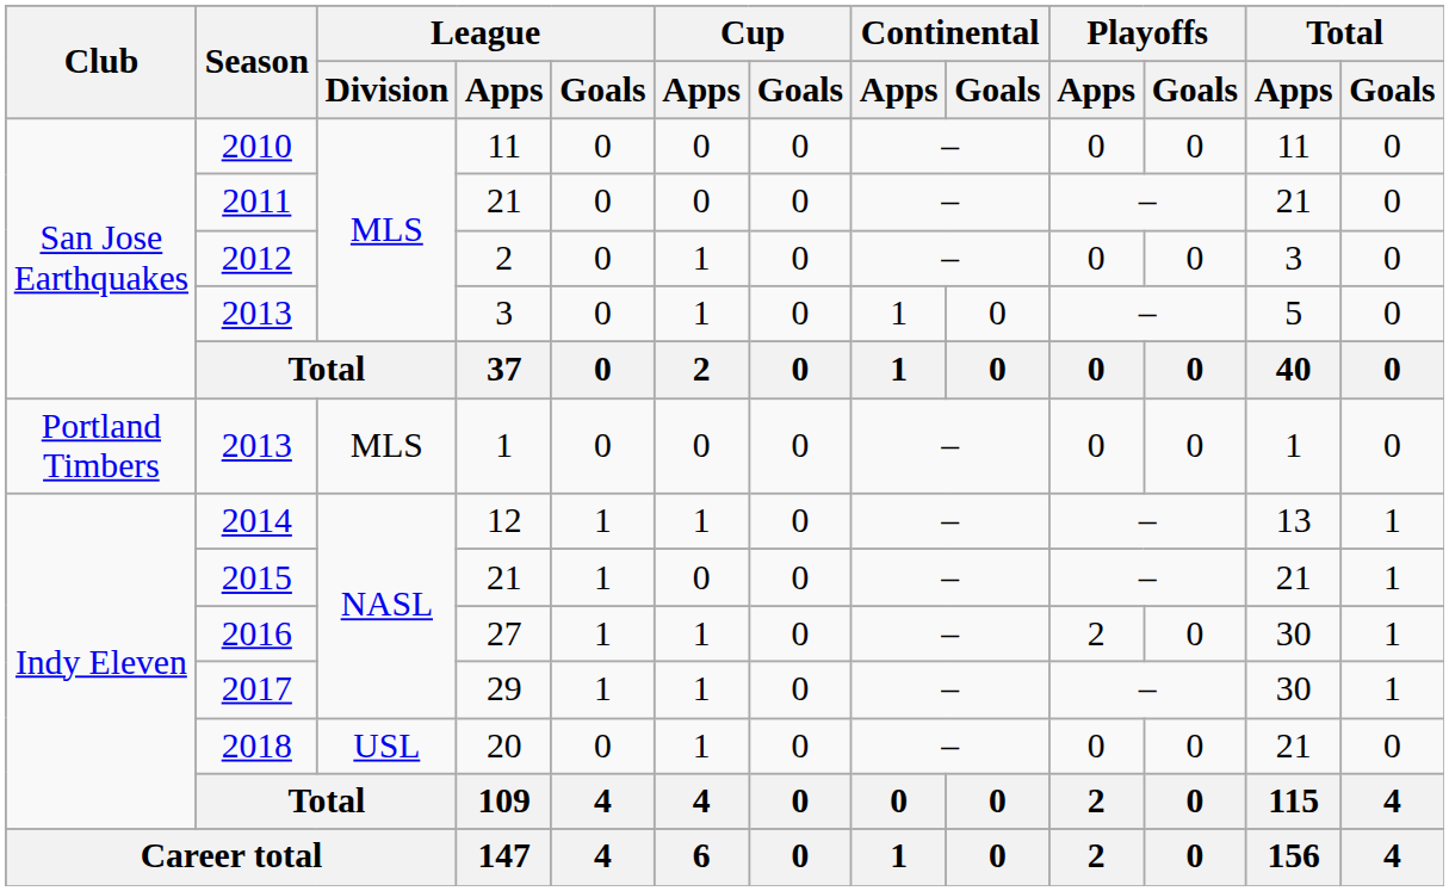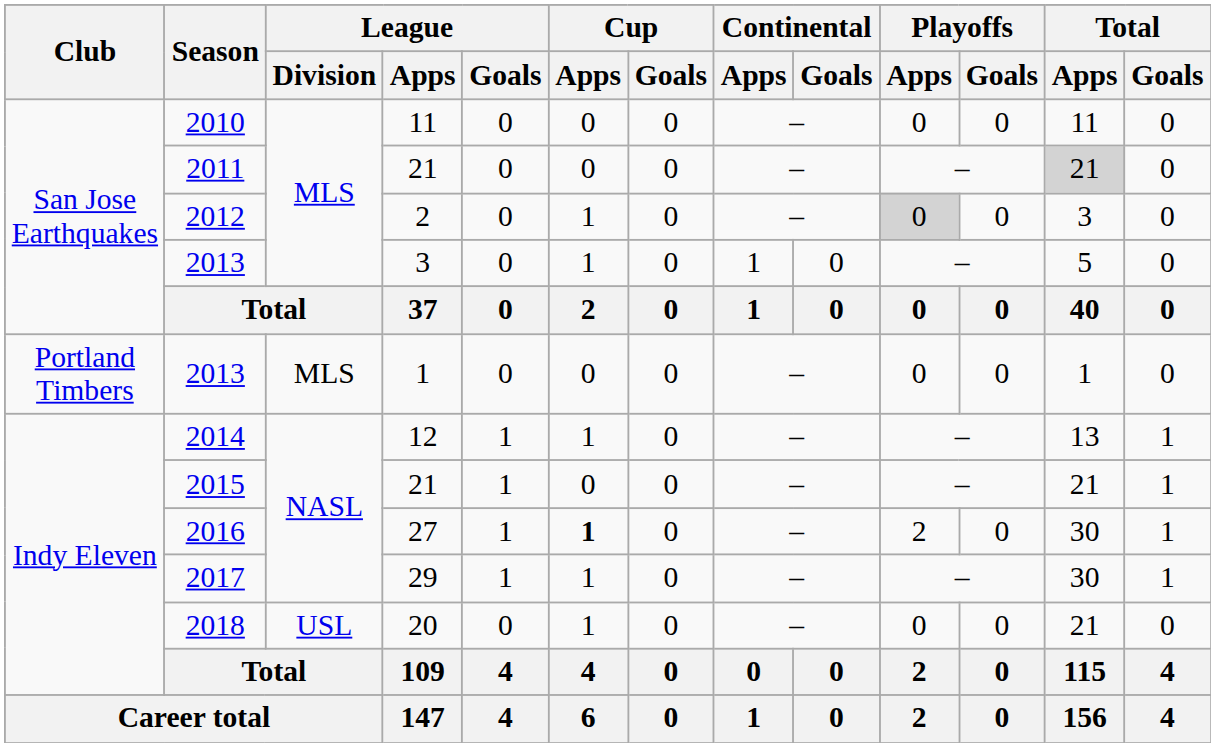 <table class="wikitable" style="text-align: center;">
 <tr>
 <th rowspan="2">Club</th>
 <th rowspan="2">Season</th>
 <th colspan="3">League</th>
 <th colspan="2">Cup</th>
 <th colspan="2">Continental</th>
 <th colspan="2">Playoffs</th>
 <th colspan="2">Total</th>
 </tr>
 <tr>
 <th>Division</th>
 <th>Apps</th>
 <th>Goals</th>
 <th>Apps</th>
 <th>Goals</th>
 <th>Apps</th>
 <th>Goals</th>
 <th>Apps</th>
 <th>Goals</th>
 <th>Apps</th>
 <th>Goals</th>
 </tr>
 <tr>
 <td rowspan="5"><a href='#'>San Jose Earthquakes</a></td>
 <td><a href='#'>2010</a></td>
 <td rowspan="4"><a href='#'>MLS</a></td>
 <td>11</td>
 <td>0</td>
 <td>0</td>
 <td>0</td>
 <td colspan="2">–</td>
 <td>0</td>
 <td>0</td>
 <td>11</td>
 <td>0</td>
 </tr>
 <tr>
 <td><a href='#'>2011</a></td>
 <td>21</td>
 <td>0</td>
 <td>0</td>
 <td>0</td>
 <td colspan="2">–</td>
 <td colspan="2">–</td>
-<td>21</td>
+<td style="background: lightgrey;">21</td>
 <td>0</td>
 </tr>
 <tr>
 <td><a href='#'>2012</a></td>
 <td>2</td>
 <td>0</td>
 <td>1</td>
 <td>0</td>
 <td colspan="2">–</td>
-<td>0</td>
+<td style="background: lightgrey;">0</td>
 <td>0</td>
 <td>3</td>
 <td>0</td>
 </tr>
 <tr>
 <td><a href='#'>2013</a></td>
 <td>3</td>
 <td>0</td>
 <td>1</td>
 <td>0</td>
 <td>1</td>
 <td>0</td>
 <td colspan="2">–</td>
 <td>5</td>
 <td>0</td>
 </tr>
 <tr>
 <th colspan="2">Total</th>
 <th>37</th>
 <th>0</th>
 <th>2</th>
 <th>0</th>
 <th>1</th>
 <th>0</th>
 <th>0</th>
 <th>0</th>
 <th>40</th>
 <th>0</th>
 </tr>
 <tr>
 <td><a href='#'>Portland Timbers</a></td>
 <td><a href='#'>2013</a></td>
 <td>MLS</td>
 <td>1</td>
 <td>0</td>
 <td>0</td>
 <td>0</td>
 <td colspan="2">–</td>
 <td>0</td>
 <td>0</td>
 <td>1</td>
 <td>0</td>
 </tr>
 <tr>
 <td rowspan="6"><a href='#'>Indy Eleven</a></td>
 <td><a href='#'>2014</a></td>
 <td rowspan="4"><a href='#'>NASL</a></td>
 <td>12</td>
 <td>1</td>
 <td>1</td>
 <td>0</td>
 <td colspan="2">–</td>
 <td colspan="2">–</td>
 <td>13</td>
 <td>1</td>
 </tr>
 <tr>
 <td><a href='#'>2015</a></td>
 <td>21</td>
 <td>1</td>
 <td>0</td>
 <td>0</td>
 <td colspan="2">–</td>
 <td colspan="2">–</td>
 <td>21</td>
 <td>1</td>
 </tr>
 <tr>
 <td><a href='#'>2016</a></td>
 <td>27</td>
 <td>1</td>
-<td>1</td>
+<td><strong>1</strong></td>
 <td>0</td>
 <td colspan="2">–</td>
 <td>2</td>
 <td>0</td>
 <td>30</td>
 <td>1</td>
 </tr>
 <tr>
 <td><a href='#'>2017</a></td>
 <td>29</td>
 <td>1</td>
 <td>1</td>
 <td>0</td>
 <td colspan="2">–</td>
 <td colspan="2">–</td>
 <td>30</td>
 <td>1</td>
 </tr>
 <tr>
 <td><a href='#'>2018</a></td>
 <td><a href='#'>USL</a></td>
 <td>20</td>
 <td>0</td>
 <td>1</td>
 <td>0</td>
 <td colspan="2">–</td>
 <td>0</td>
 <td>0</td>
 <td>21</td>
 <td>0</td>
 </tr>
 <tr>
 <th colspan="2">Total</th>
 <th>109</th>
 <th>4</th>
 <th>4</th>
 <th>0</th>
 <th>0</th>
 <th>0</th>
 <th>2</th>
 <th>0</th>
 <th>115</th>
 <th>4</th>
 </tr>
 <tr>
 <th colspan="3">Career total</th>
 <th>147</th>
 <th>4</th>
 <th>6</th>
 <th>0</th>
 <th>1</th>
 <th>0</th>
 <th>2</th>
 <th>0</th>
 <th>156</th>
 <th>4</th>
 </tr>
 </table>
